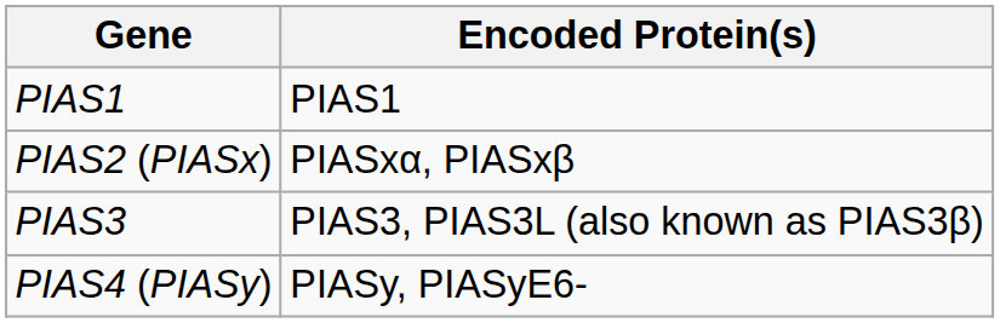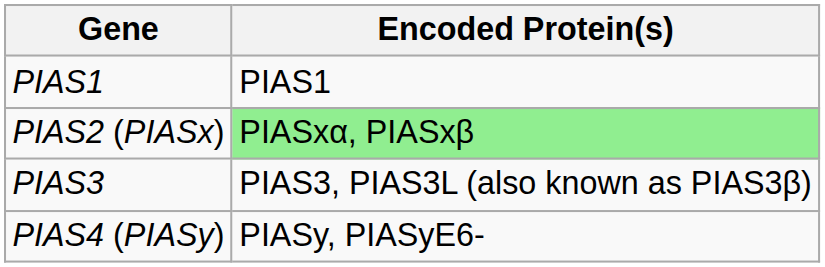 <table class="wikitable collapsible">
 <tr>
 <th>Gene</th>
 <th>Encoded Protein(s)</th>
 </tr>
 <tr>
 <td><em>PIAS1</em></td>
 <td>PIAS1</td>
 </tr>
 <tr>
 <td><em>PIAS2</em> (<em>PIASx</em>)</td>
-<td>PIASxα, PIASxβ</td>
+<td style="background: lightgreen;">PIASxα, PIASxβ</td>
 </tr>
 <tr>
 <td><em>PIAS3</em></td>
 <td>PIAS3, PIAS3L (also known as PIAS3β)</td>
 </tr>
 <tr>
 <td><em>PIAS4</em> (<em>PIASy</em>)</td>
 <td>PIASy, PIASyE6-</td>
 </tr>
 </table>
